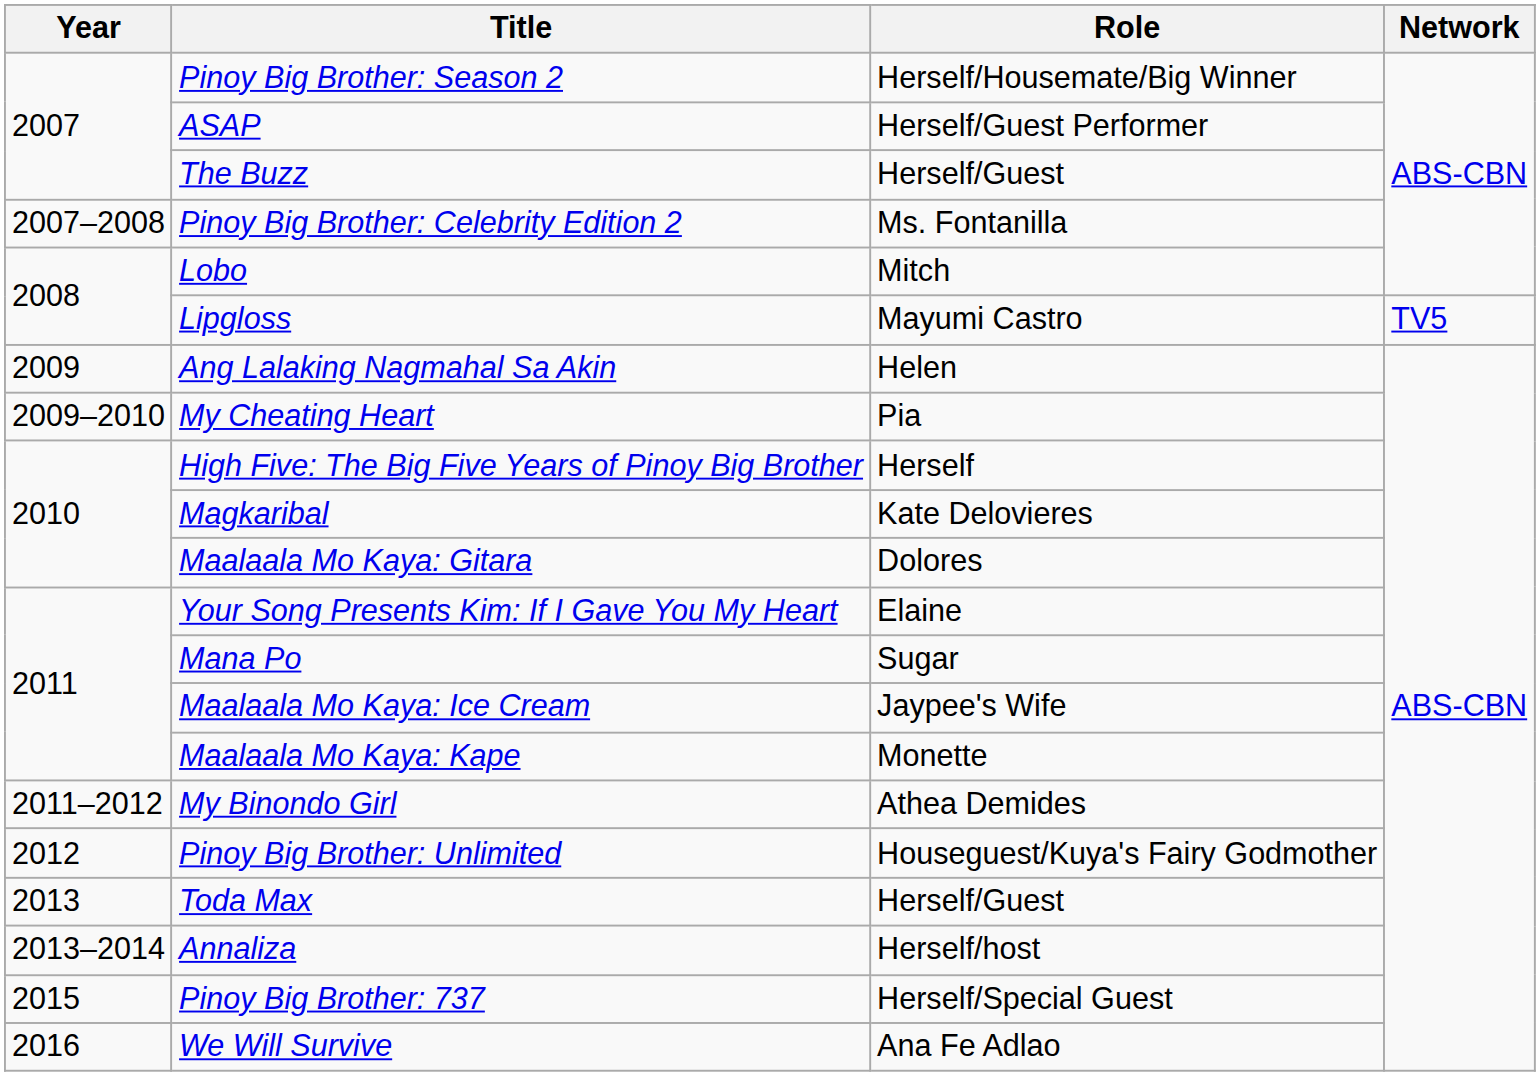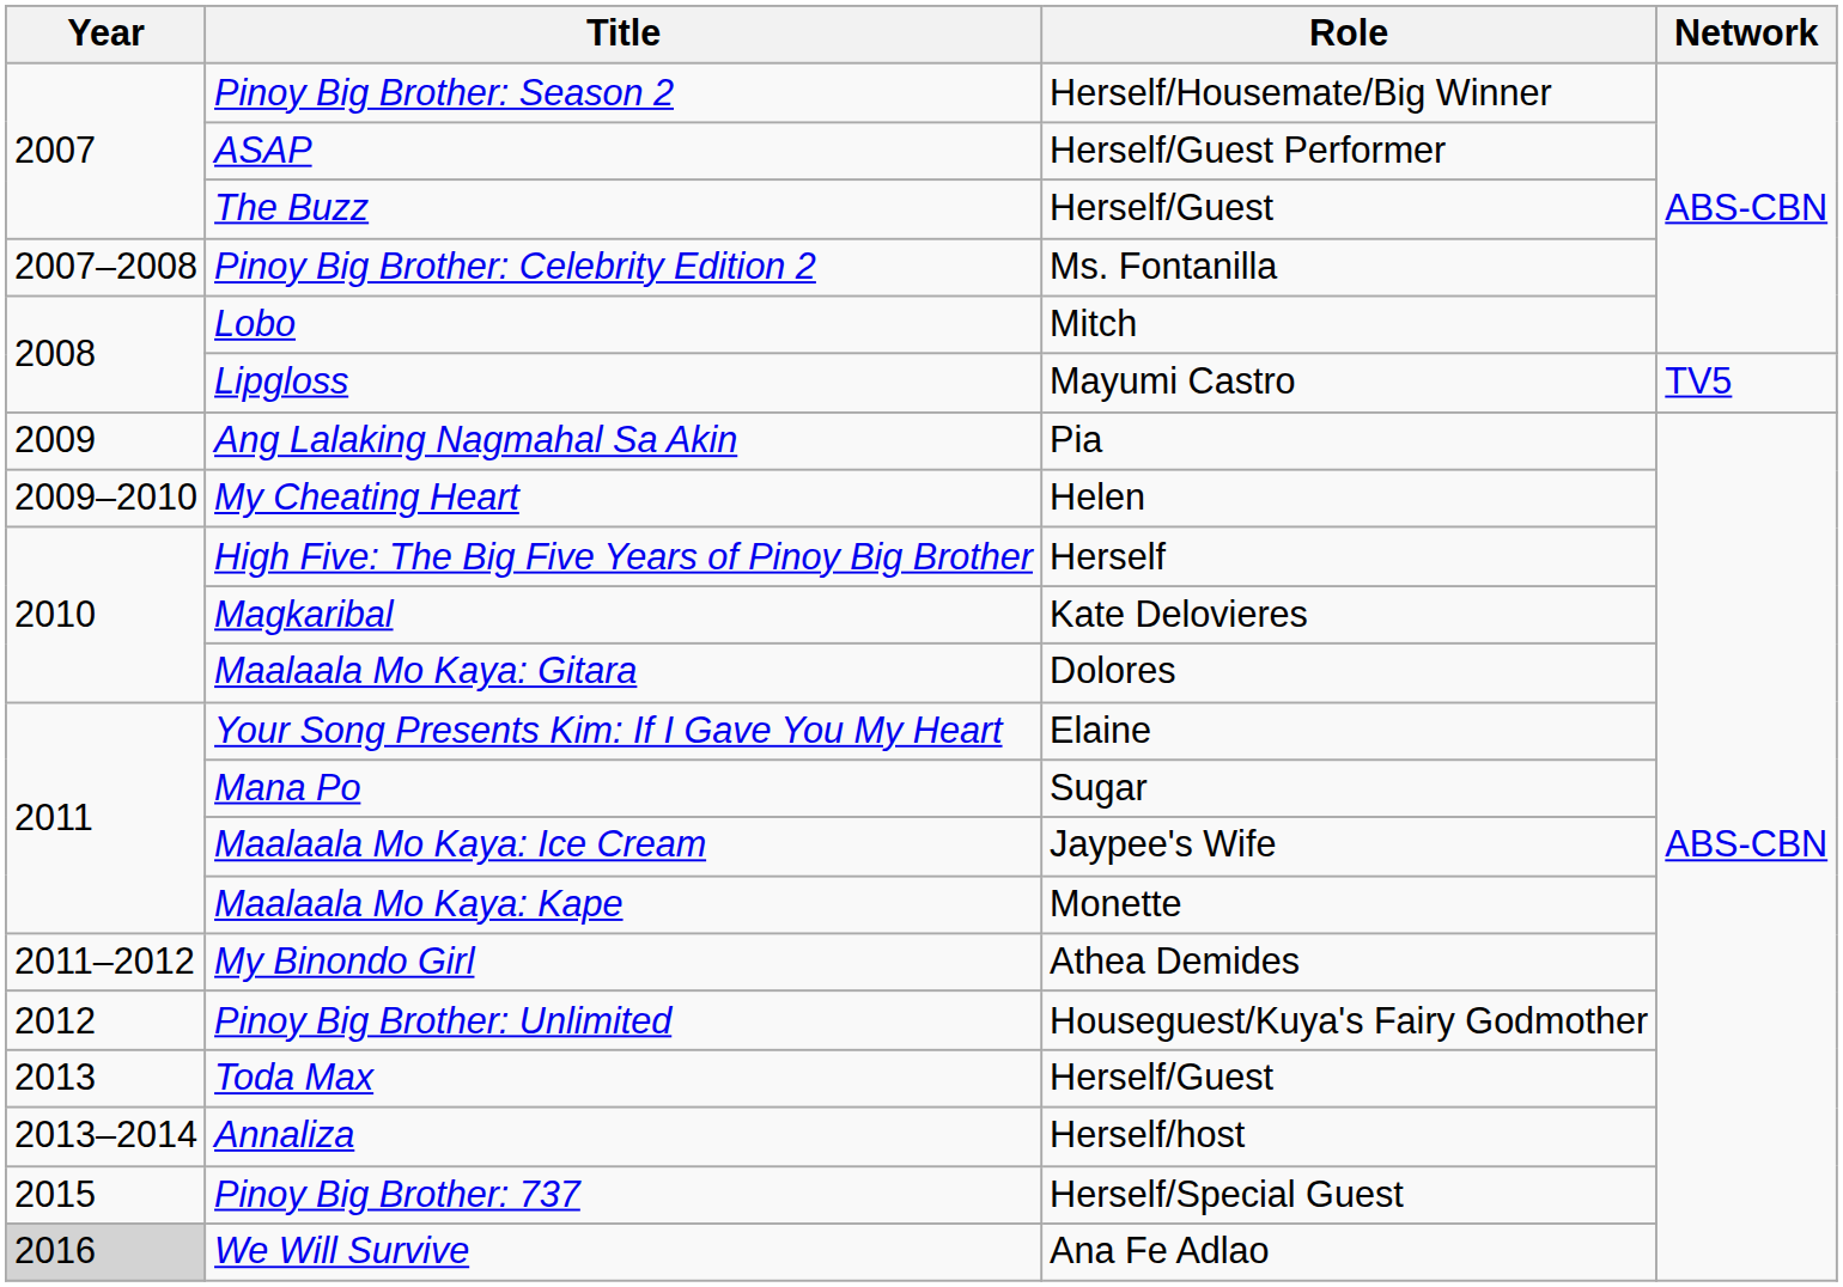 <table class="wikitable">
 <tr>
 <th>Year</th>
 <th>Title</th>
 <th>Role</th>
 <th>Network</th>
 </tr>
 <tr>
 <td rowspan=3>2007</td>
 <td><em><a href='#'>Pinoy Big Brother: Season 2</a></em></td>
 <td>Herself/Housemate/Big Winner</td>
 <td rowspan=5><a href='#'>ABS-CBN</a></td>
 </tr>
 <tr>
 <td><em><a href='#'>ASAP</a></em></td>
 <td>Herself/Guest Performer</td>
 </tr>
 <tr>
 <td><em><a href='#'>The Buzz</a></em></td>
 <td>Herself/Guest</td>
 </tr>
 <tr>
 <td>2007–2008</td>
 <td><em><a href='#'>Pinoy Big Brother: Celebrity Edition 2</a></em></td>
 <td>Ms. Fontanilla</td>
 </tr>
 <tr>
 <td rowspan=2>2008</td>
 <td><em><a href='#'>Lobo</a></em></td>
 <td>Mitch</td>
 </tr>
 <tr>
 <td><em><a href='#'>Lipgloss</a></em></td>
 <td>Mayumi Castro</td>
 <td><a href='#'>TV5</a></td>
 </tr>
 <tr>
 <td>2009</td>
 <td><em><a href='#'>Ang Lalaking Nagmahal Sa Akin</a></em></td>
-<td>Helen</td>
+<td>Pia</td>
 <td rowspan=15><a href='#'>ABS-CBN</a></td>
 </tr>
 <tr>
 <td>2009–2010</td>
 <td><em><a href='#'>My Cheating Heart</a></em></td>
-<td>Pia</td>
+<td>Helen</td>
 </tr>
 <tr>
 <td rowspan=3>2010</td>
 <td><em><a href='#'>High Five: The Big Five Years of Pinoy Big Brother</a></em></td>
 <td>Herself</td>
 </tr>
 <tr>
 <td><em><a href='#'>Magkaribal</a></em></td>
 <td>Kate Delovieres</td>
 </tr>
 <tr>
 <td><em><a href='#'>Maalaala Mo Kaya: Gitara</a></em></td>
 <td>Dolores</td>
 </tr>
 <tr>
 <td rowspan=4>2011</td>
 <td><em><a href='#'>Your Song Presents Kim: If I Gave You My Heart</a></em></td>
 <td>Elaine</td>
 </tr>
 <tr>
 <td><em><a href='#'>Mana Po</a></em></td>
 <td>Sugar</td>
 </tr>
 <tr>
 <td><em><a href='#'>Maalaala Mo Kaya: Ice Cream</a></em></td>
 <td>Jaypee's Wife</td>
 </tr>
 <tr>
 <td><em><a href='#'>Maalaala Mo Kaya: Kape</a></em></td>
 <td>Monette</td>
 </tr>
 <tr>
 <td>2011–2012</td>
 <td><em><a href='#'>My Binondo Girl</a></em></td>
 <td>Athea Demides</td>
 </tr>
 <tr>
 <td>2012</td>
 <td><em><a href='#'>Pinoy Big Brother: Unlimited</a></em></td>
 <td>Houseguest/Kuya's Fairy Godmother</td>
 </tr>
 <tr>
 <td>2013</td>
 <td><em><a href='#'>Toda Max</a></em></td>
 <td>Herself/Guest</td>
 </tr>
 <tr>
 <td>2013–2014</td>
 <td><em><a href='#'>Annaliza</a></em></td>
 <td>Herself/host</td>
 </tr>
 <tr>
 <td>2015</td>
 <td><em><a href='#'>Pinoy Big Brother: 737</a></em></td>
 <td>Herself/Special Guest</td>
 </tr>
 <tr>
-<td>2016</td>
+<td style="background: lightgrey;">2016</td>
 <td><em><a href='#'>We Will Survive</a></em></td>
 <td>Ana Fe Adlao</td>
 </tr>
 </table>
